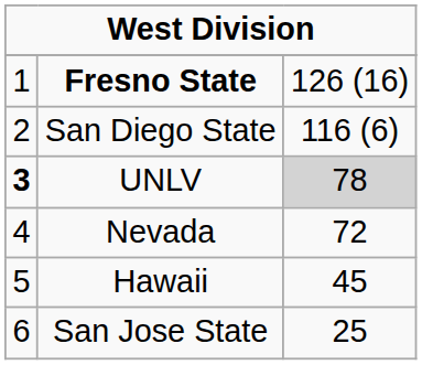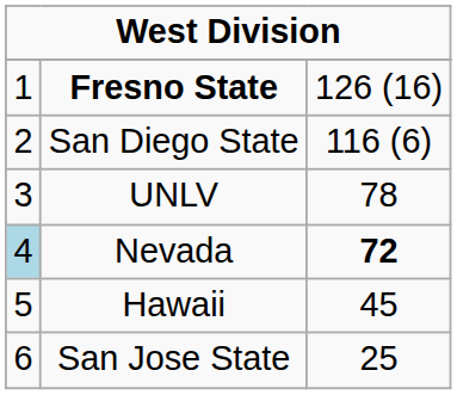 <table class="wikitable">
 <tr align="center">
 <td align="center" Colspan="3"><strong>West Division</strong></td>
 </tr>
 <tr align="center">
 </tr>
 <tr align="center">
 <td>1</td>
 <td><strong>Fresno State</strong></td>
 <td>126 (16)</td>
 </tr>
 <tr align="center">
 <td>2</td>
 <td>San Diego State</td>
 <td>116 (6)</td>
 </tr>
 <tr align="center">
-<td><strong>3</strong></td>
+<td>3</td>
 <td>UNLV</td>
-<td style="background: lightgrey;">78</td>
+<td>78</td>
 </tr>
 <tr align="center">
-<td>4</td>
+<td style="background: lightblue;">4</td>
 <td>Nevada</td>
-<td>72</td>
+<td><strong>72</strong></td>
 </tr>
 <tr align="center">
 <td>5</td>
 <td>Hawaii</td>
 <td>45</td>
 </tr>
 <tr align="center">
 <td>6</td>
 <td>San Jose State</td>
 <td>25</td>
 </tr>
 </table>
